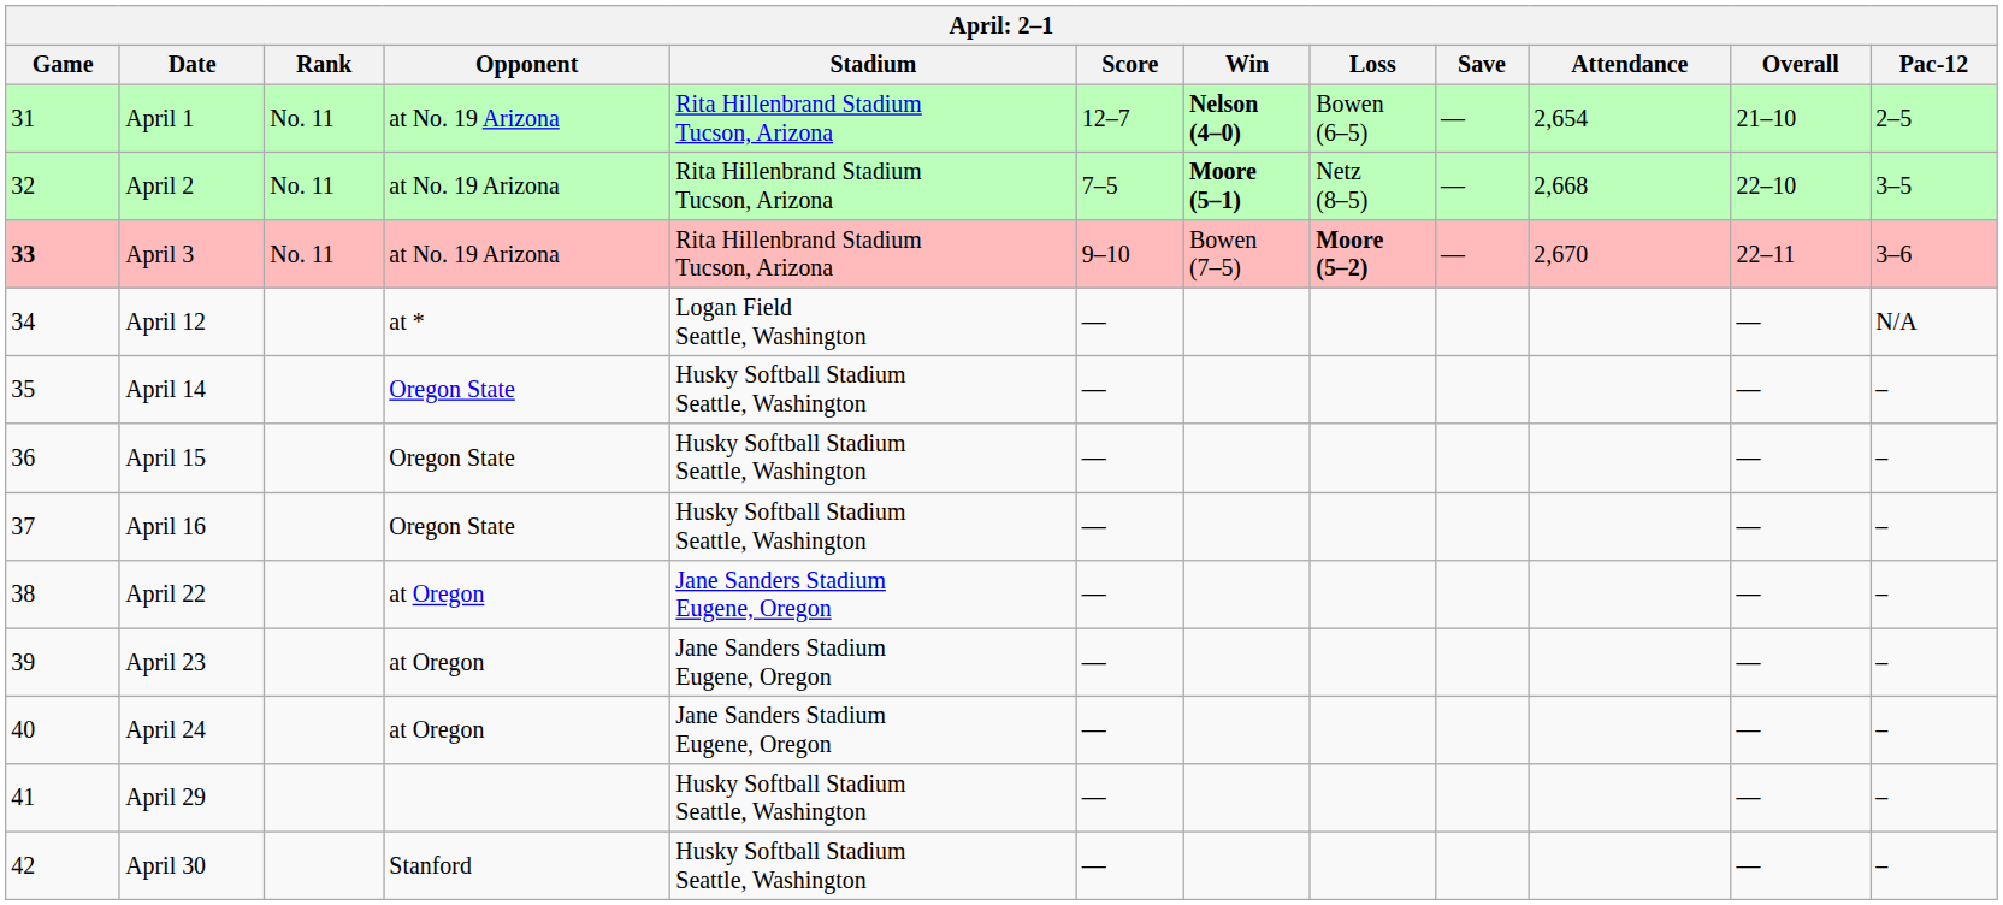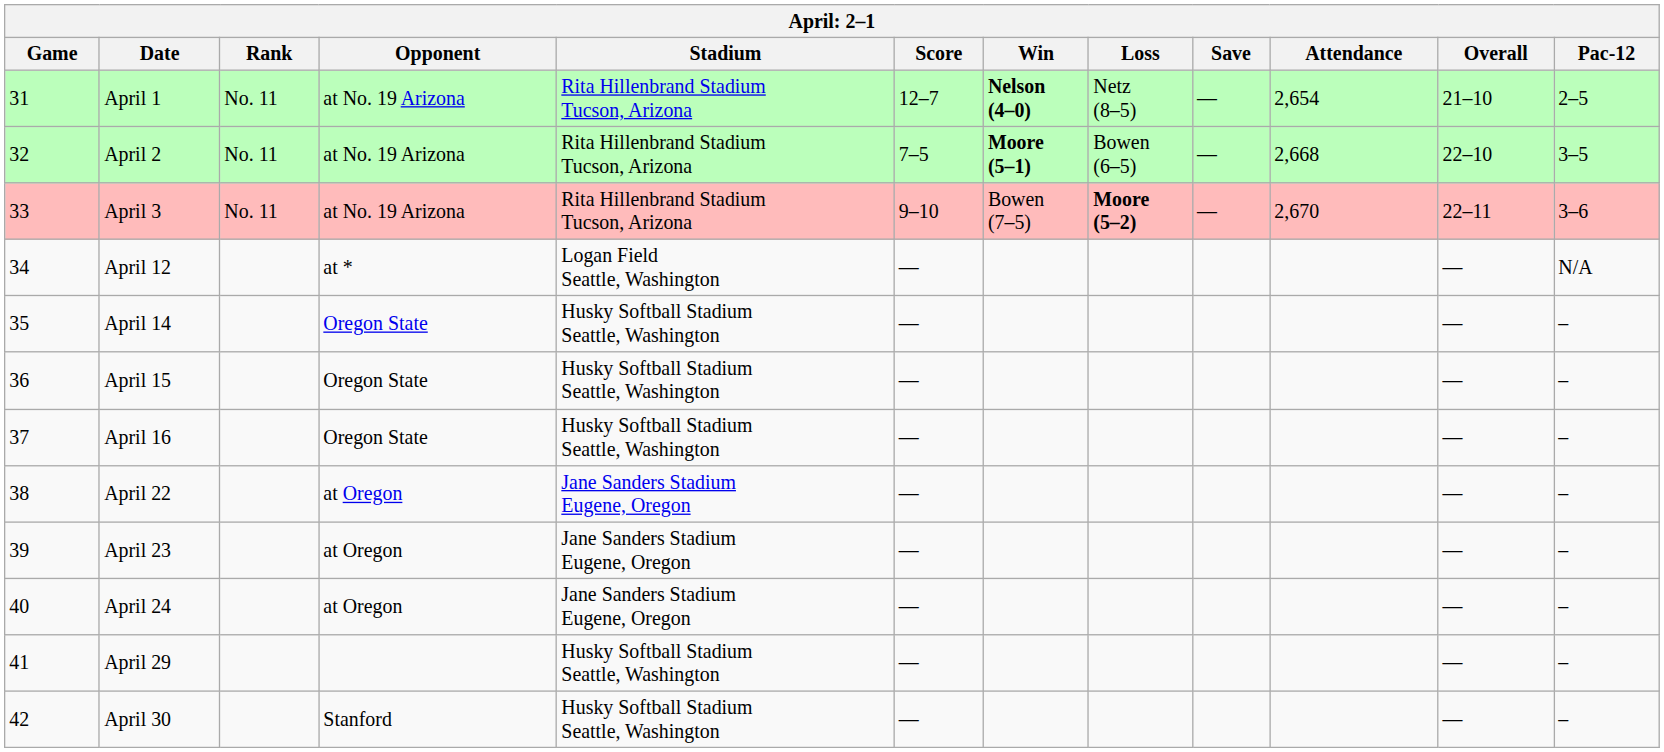 <table class="wikitable collapsible" style="margin:auto; font-size:95%; width:100%">
 <tr>
 <th colspan=12>April: 2–1</th>
 </tr>
 <tr>
 <th>Game</th>
 <th>Date</th>
 <th>Rank</th>
 <th>Opponent</th>
 <th>Stadium</th>
 <th>Score</th>
 <th>Win</th>
 <th>Loss</th>
 <th>Save</th>
 <th>Attendance</th>
 <th>Overall</th>
 <th>Pac-12</th>
 </tr>
 <tr style="background:#bfb;">
 <td>31</td>
 <td>April 1</td>
 <td>No. 11</td>
 <td>at No. 19 <a href='#'>Arizona</a></td>
 <td><a href='#'>Rita Hillenbrand Stadium</a><br><a href='#'>Tucson, Arizona</a></td>
 <td>12–7</td>
 <td><strong>Nelson<br>(4–0)</strong></td>
-<td>Bowen<br>(6–5)</td>
+<td>Netz<br>(8–5)</td>
 <td>—</td>
 <td>2,654</td>
 <td>21–10</td>
 <td>2–5</td>
 </tr>
 <tr style="background:#bfb;">
 <td>32</td>
 <td>April 2</td>
 <td>No. 11</td>
 <td>at No. 19 Arizona</td>
 <td>Rita Hillenbrand Stadium<br> Tucson, Arizona</td>
 <td>7–5</td>
 <td><strong>Moore<br>(5–1)</strong></td>
-<td>Netz<br>(8–5)</td>
+<td>Bowen<br>(6–5)</td>
 <td>—</td>
 <td>2,668</td>
 <td>22–10</td>
 <td>3–5</td>
 </tr>
 <tr style="background:#fbb;">
-<td><strong>33</strong></td>
+<td>33</td>
 <td>April 3</td>
 <td>No. 11</td>
 <td>at No. 19 Arizona</td>
 <td>Rita Hillenbrand Stadium<br> Tucson, Arizona</td>
 <td>9–10</td>
 <td>Bowen<br>(7–5)</td>
 <td><strong>Moore<br>(5–2)</strong></td>
 <td>—</td>
 <td>2,670</td>
 <td>22–11</td>
 <td>3–6</td>
 </tr>
 <tr style="background:">
 <td>34</td>
 <td>April 12</td>
 <td></td>
 <td>at *</td>
 <td>Logan Field<br>Seattle, Washington</td>
 <td>—</td>
 <td></td>
 <td></td>
 <td></td>
 <td></td>
 <td>—</td>
 <td>N/A</td>
 </tr>
 <tr style="background:">
 <td>35</td>
 <td>April 14</td>
 <td></td>
 <td><a href='#'>Oregon State</a></td>
 <td>Husky Softball Stadium<br>Seattle, Washington</td>
 <td>—</td>
 <td></td>
 <td></td>
 <td></td>
 <td></td>
 <td>—</td>
 <td>–</td>
 </tr>
 <tr style="background:">
 <td>36</td>
 <td>April 15</td>
 <td></td>
 <td>Oregon State</td>
 <td>Husky Softball Stadium<br>Seattle, Washington</td>
 <td>—</td>
 <td></td>
 <td></td>
 <td></td>
 <td></td>
 <td>—</td>
 <td>–</td>
 </tr>
 <tr style="background:">
 <td>37</td>
 <td>April 16</td>
 <td></td>
 <td>Oregon State</td>
 <td>Husky Softball Stadium<br>Seattle, Washington</td>
 <td>—</td>
 <td></td>
 <td></td>
 <td></td>
 <td></td>
 <td>—</td>
 <td>–</td>
 </tr>
 <tr style="background:">
 <td>38</td>
 <td>April 22</td>
 <td></td>
 <td>at <a href='#'>Oregon</a></td>
 <td><a href='#'>Jane Sanders Stadium</a><br><a href='#'>Eugene, Oregon</a></td>
 <td>—</td>
 <td></td>
 <td></td>
 <td></td>
 <td></td>
 <td>—</td>
 <td>–</td>
 </tr>
 <tr style="background:">
 <td>39</td>
 <td>April 23</td>
 <td></td>
 <td>at Oregon</td>
 <td>Jane Sanders Stadium<br>Eugene, Oregon</td>
 <td>—</td>
 <td></td>
 <td></td>
 <td></td>
 <td></td>
 <td>—</td>
 <td>–</td>
 </tr>
 <tr style="background:">
 <td>40</td>
 <td>April 24</td>
 <td></td>
 <td>at Oregon</td>
 <td>Jane Sanders Stadium<br>Eugene, Oregon</td>
 <td>—</td>
 <td></td>
 <td></td>
 <td></td>
 <td></td>
 <td>—</td>
 <td>–</td>
 </tr>
 <tr style="background:">
 <td>41</td>
 <td>April 29</td>
 <td></td>
 <td></td>
 <td>Husky Softball Stadium<br>Seattle, Washington</td>
 <td>—</td>
 <td></td>
 <td></td>
 <td></td>
 <td></td>
 <td>—</td>
 <td>–</td>
 </tr>
 <tr style="background:">
 <td>42</td>
 <td>April 30</td>
 <td></td>
 <td>Stanford</td>
 <td>Husky Softball Stadium<br>Seattle, Washington</td>
 <td>—</td>
 <td></td>
 <td></td>
 <td></td>
 <td></td>
 <td>—</td>
 <td>–</td>
 </tr>
 </table>
